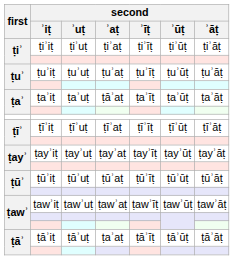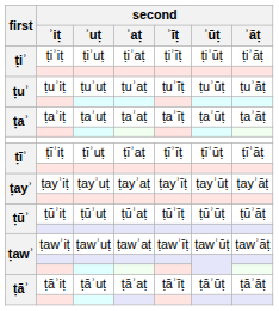 <table class="wikitable" style="background:white;text-align:center;">
 <tr>
 <th rowspan="2">first</th>
 <th colspan="6">second</th>
 </tr>
 <tr>
 <th>ʾiṭ</th>
 <th>ʾuṭ</th>
 <th>ʾaṭ</th>
 <th>ʾīṭ</th>
 <th>ʾūṭ</th>
 <th>ʾāṭ</th>
 </tr>
 <tr>
 <th rowspan="2" scope="row">ṭiʾ</th>
 <td>ṭiʾiṭ</td>
 <td>ṭiʾuṭ</td>
 <td>ṭiʾaṭ</td>
 <td>ṭiʾīṭ</td>
 <td>ṭiʾūṭ</td>
 <td>ṭiʾāṭ</td>
 </tr>
 <tr style="font-size:180%;">
 <td style="background:MistyRose;"></td>
 <td style="background:MistyRose;"></td>
 <td style="background:MistyRose;"></td>
 <td style="background:MistyRose;"></td>
 <td style="background:MistyRose;"></td>
 <td style="background:MistyRose;"></td>
 </tr>
 <tr>
 <th rowspan="2" scope="row">ṭuʾ</th>
 <td>ṭuʾiṭ</td>
 <td>ṭuʾuṭ</td>
 <td>ṭuʾaṭ</td>
 <td>ṭuʾīṭ</td>
 <td>ṭuʾūṭ</td>
 <td>ṭuʾāṭ</td>
 </tr>
 <tr style="font-size:180%;">
 <td style="background:MistyRose;"></td>
 <td style="background:LightCyan;"></td>
 <td style="background:LightCyan;"></td>
 <td style="background:MistyRose;"></td>
 <td style="background:LightCyan;"></td>
 <td style="background:LightCyan;"></td>
 </tr>
 <tr>
 <th rowspan="2" scope="row">ṭaʾ</th>
 <td>ṭaʾiṭ</td>
 <td>ṭaʾuṭ</td>
-<td>ṭāʾaṭ</td>
+<td>ṭaʾaṭ</td>
 <td>ṭaʾīṭ</td>
 <td>ṭaʾūṭ</td>
 <td>ṭaʾāṭ</td>
 </tr>
 <tr style="font-size:180%;">
 <td style="background:MistyRose;"></td>
 <td style="background:LightCyan;"></td>
 <td style="background:Honeydew;"></td>
 <td style="background:MistyRose;"></td>
 <td style="background:LightCyan;"></td>
 <td style="background:Honeydew;"></td>
 </tr>
 <tr>
 <td></td>
 </tr>
 <tr>
 <th rowspan="2" scope="row">ṭīʾ</th>
 <td>ṭīʾiṭ</td>
 <td>ṭīʾuṭ</td>
 <td>ṭīʾaṭ</td>
 <td>ṭīʾīṭ</td>
 <td>ṭīʾūṭ</td>
 <td>ṭīʾāṭ</td>
 </tr>
 <tr style="font-size:180%;">
 <td style="background:MistyRose;"></td>
 <td style="background:MistyRose;"></td>
 <td style="background:MistyRose;"></td>
 <td style="background:MistyRose;"></td>
 <td style="background:MistyRose;"></td>
 <td style="background:MistyRose;"></td>
 </tr>
 <tr>
 <th rowspan="2" scope="row">ṭayʾ</th>
 <td>ṭayʾiṭ</td>
 <td>ṭayʾuṭ</td>
 <td>ṭayʾaṭ</td>
 <td>ṭayʾīṭ</td>
 <td>ṭayʾūṭ</td>
 <td>ṭayʾāṭ</td>
 </tr>
 <tr style="font-size:180%;">
 <td style="background:MistyRose;"></td>
 <td style="background:MistyRose;"></td>
 <td style="background:MistyRose;"></td>
 <td style="background:MistyRose;"></td>
 <td style="background:MistyRose;"></td>
 <td style="background:MistyRose;"></td>
 </tr>
 <tr>
 <th rowspan="2" scope="row">ṭūʾ</th>
 <td>ṭūʾiṭ</td>
 <td>ṭūʾuṭ</td>
 <td>ṭūʾaṭ</td>
 <td>ṭūʾīṭ</td>
 <td>ṭūʾūṭ</td>
 <td>ṭūʾāṭ</td>
 </tr>
 <tr style="font-size:180%;">
 <td style="background:Lavender;"></td>
 <td style="background:Lavender;"></td>
 <td style="background:Lavender;"></td>
 <td style="background:Lavender;"></td>
 <td style="background:Lavender;"></td>
 <td style="background:Lavender;"></td>
 </tr>
 <tr>
 <th rowspan="3" scope="row">ṭawʾ</th>
 <td>ṭawʾiṭ</td>
 <td>ṭawʾuṭ</td>
 <td>ṭawʾaṭ</td>
 <td>ṭawʾīṭ</td>
 <td>ṭawʾūṭ</td>
 <td>ṭawʾāṭ</td>
 </tr>
 <tr style="font-size:180%;">
 <td style="background:Lavender;"></td>
 <td style="background:Lavender;"></td>
 <td style="background:Lavender;"></td>
 <td style="background:Lavender;"></td>
 <td rowspan="2" style="background:Lavender;"></td>
 <td style="background:Lavender;"></td>
 </tr>
 <tr style="font-size:180%;">
 <td style="background:MistyRose;"></td>
 <td style="background:LightCyan;"></td>
 <td style="background:Honeydew;"></td>
 <td style="background:MistyRose;"></td>
 <td style="background:Honeydew;"></td>
 </tr>
 <tr>
 <th rowspan="2" scope="row">ṭāʾ</th>
 <td>ṭāʾiṭ</td>
 <td>ṭāʾuṭ</td>
-<td>ṭaʾaṭ</td>
+<td>ṭāʾaṭ</td>
 <td>ṭāʾīṭ</td>
 <td>ṭāʾūṭ</td>
 <td>ṭāʾāṭ</td>
 </tr>
 <tr style="font-size:180%;">
 <td style="background:MistyRose;"></td>
 <td style="background:LightCyan;"></td>
 <td style="background:Lavender;"></td>
 <td style="background:MistyRose;"></td>
 <td style="background:Lavender;"></td>
 <td style="background:Lavender;"></td>
 </tr>
 </table>
